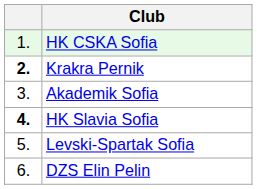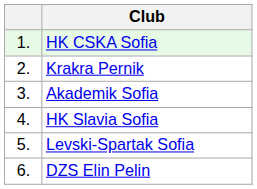 <table class="wikitable">
 <tr>
 <th width="30"></th>
 <th width="200">Club</th>
 </tr>
 <tr bgcolor="#e6fae6" align="center">
 <td>1.</td>
 <td align="left"><a href='#'>HK CSKA Sofia</a></td>
 </tr>
 <tr bgcolor="#FFFFFF" align="center">
-<td><strong>2.</strong></td>
+<td>2.</td>
 <td align="left"><a href='#'>Krakra Pernik</a></td>
 </tr>
 <tr bgcolor="#FFFFFF" align="center">
 <td>3.</td>
 <td align="left"><a href='#'>Akademik Sofia</a></td>
 </tr>
 <tr bgcolor="#FFFFFF" align="center">
-<td><strong>4.</strong></td>
+<td>4.</td>
 <td align="left"><a href='#'>HK Slavia Sofia</a></td>
 </tr>
 <tr bgcolor="#FFFFFF" align="center">
 <td>5.</td>
 <td align="left"><a href='#'>Levski-Spartak Sofia</a></td>
 </tr>
 <tr bgcolor="#FFFFFF" align="center">
 <td>6.</td>
 <td align="left"><a href='#'>DZS Elin Pelin</a></td>
 </tr>
 </table>
